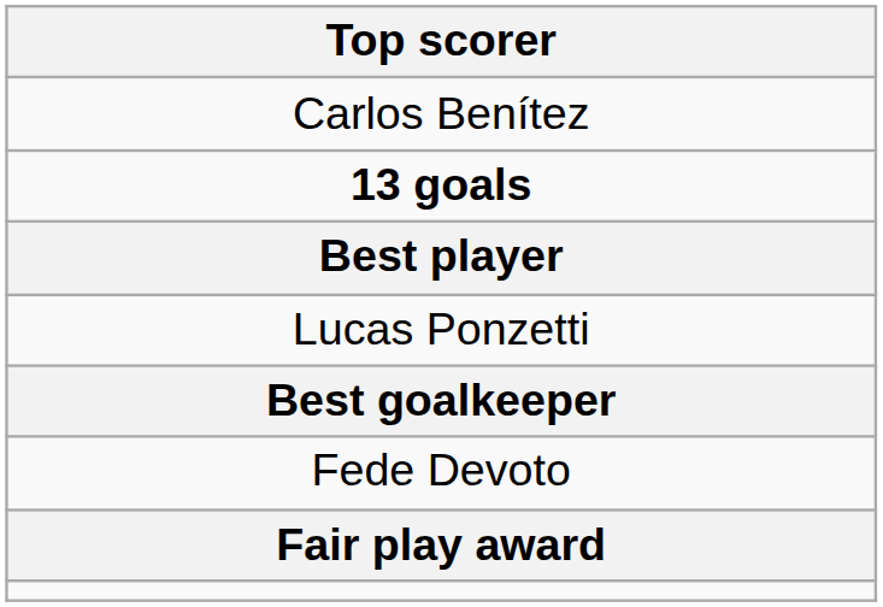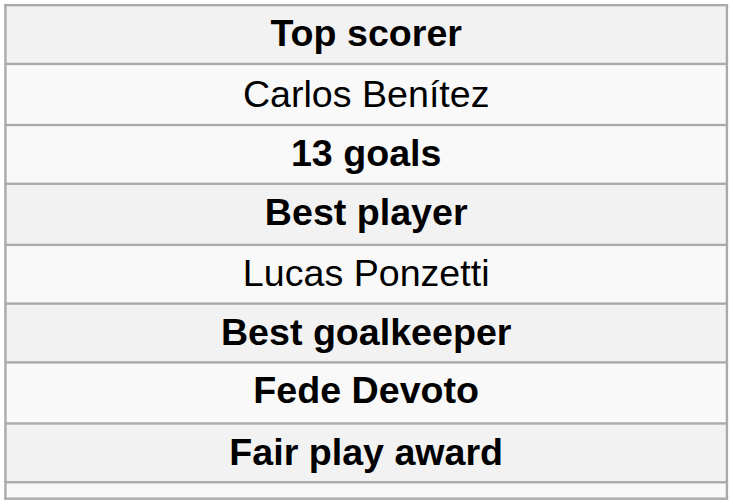 <table class="wikitable" style="margin: 1em auto 1em auto;">
 <tr>
 <th width=300>Top scorer</th>
 </tr>
 <tr align=center style="background:">
 <td style="text-align:center;"> Carlos Benítez</td>
 </tr>
 <tr>
 <td style="text-align:center;"><strong>13 goals</strong></td>
 </tr>
 <tr>
 <th>Best player</th>
 </tr>
 <tr>
 <td style="text-align:center;"> Lucas Ponzetti</td>
 </tr>
 <tr>
 <th>Best goalkeeper</th>
 </tr>
 <tr>
-<td style="text-align:center;"> Fede Devoto</td>
+<td style="text-align:center;"><strong> Fede Devoto</strong></td>
 </tr>
 <tr>
 <th>Fair play award</th>
 </tr>
 <tr>
 <td style="text-align:center;"></td>
 </tr>
 </table>
